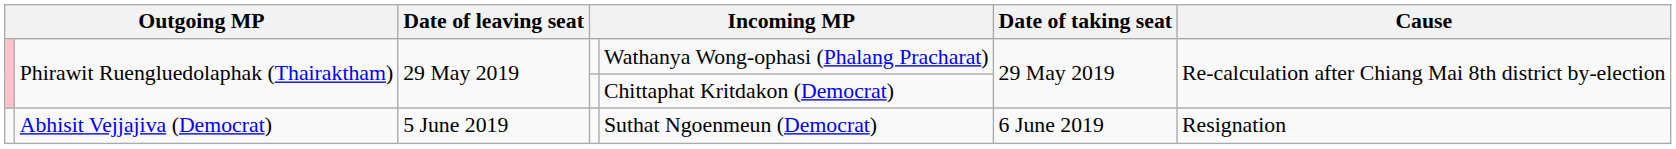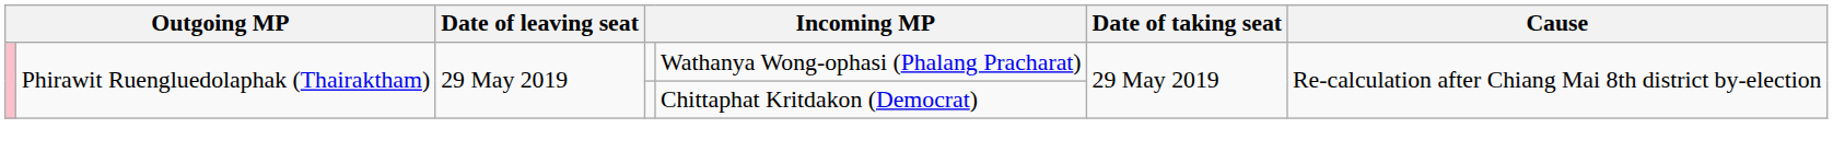 <table class="wikitable">
 <tr>
 <th colspan="2">Outgoing MP</th>
 <th>Date of leaving seat</th>
 <th colspan="2">Incoming MP</th>
 <th>Date of taking seat</th>
 <th>Cause</th>
 </tr>
 <tr>
 <td rowspan="2" style = "background-color: pink"></td>
 <td rowspan="2">Phirawit Ruengluedolaphak (<a href='#'>Thairaktham</a>)</td>
 <td rowspan="2">29 May 2019</td>
 <td style="background-color: "></td>
 <td>Wathanya Wong-ophasi (<a href='#'>Phalang Pracharat</a>)</td>
 <td rowspan="2">29 May 2019</td>
 <td rowspan="2">Re-calculation after Chiang Mai 8th district by-election</td>
 </tr>
 <tr>
 <td style="background-color: "></td>
 <td>Chittaphat Kritdakon (<a href='#'>Democrat</a>)</td>
 </tr>
-<tr>
-<td style="background-color: "></td>
-<td><a href='#'>Abhisit Vejjajiva</a> (<a href='#'>Democrat</a>)</td>
-<td>5 June 2019</td>
-<td style="background-color: "></td>
-<td>Suthat Ngoenmeun (<a href='#'>Democrat</a>)</td>
-<td>6 June 2019</td>
-<td>Resignation</td>
-</tr>
 </table>
